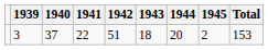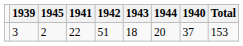 <table class="wikitable">
 <tr>
 <td></td>
 <th>1939</th>
-<th>1940</th>
+<th>1945</th>
 <th>1941</th>
 <th>1942</th>
 <th>1943</th>
 <th>1944</th>
-<th>1945</th>
+<th>1940</th>
 <th>Total</th>
 </tr>
 <tr>
 <td></td>
 <td>3</td>
-<td>37</td>
+<td>2</td>
 <td>22</td>
 <td>51</td>
 <td>18</td>
 <td>20</td>
-<td>2</td>
+<td>37</td>
 <td>153</td>
 </tr>
 </table>
